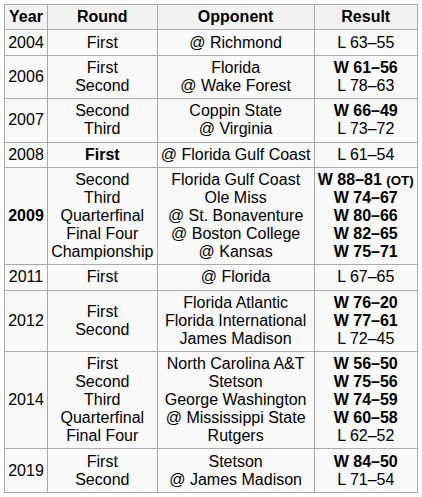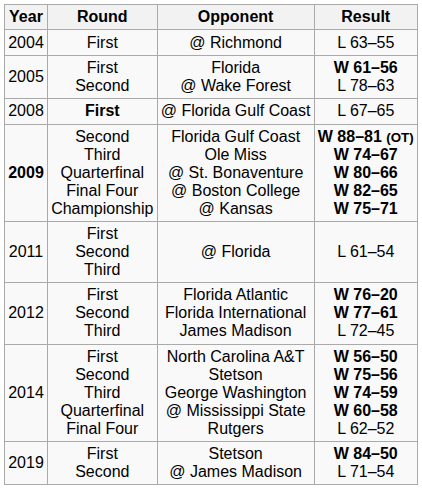 <table class="wikitable sortable" style="text-align:center;">
 <tr>
 <th style="text-align:center;">Year</th>
 <th style="text-align:center;">Round</th>
 <th style="text-align:center;">Opponent</th>
 <th style="text-align:center;">Result</th>
 </tr>
 <tr>
 <td>2004</td>
 <td>First</td>
 <td>@ Richmond</td>
 <td>L 63–55</td>
 </tr>
 <tr>
-<td>2006</td>
+<td>2005</td>
 <td>First<br>Second</td>
 <td>Florida<br>@ Wake Forest</td>
 <td><strong>W 61–56</strong><br>L 78–63</td>
 </tr>
 <tr>
-<td>2007</td>
-<td>Second<br>Third</td>
-<td>Coppin State<br>@ Virginia</td>
-<td><strong>W 66–49</strong><br>L 73–72</td>
-</tr>
-<tr>
 <td>2008</td>
 <td><strong>First</strong></td>
 <td>@ Florida Gulf Coast</td>
-<td>L 61–54</td>
+<td>L 67–65</td>
 </tr>
 <tr>
 <td><strong>2009</strong></td>
 <td>Second<br>Third<br>Quarterfinal<br>Final Four<br>Championship</td>
 <td>Florida Gulf Coast<br>Ole Miss<br>@ St. Bonaventure<br>@ Boston College<br>@ Kansas</td>
 <td><strong>W 88–81 <small>(OT)</small></strong><br><strong>W 74–67</strong><br><strong>W 80–66</strong><br><strong>W 82–65</strong><br><strong>W 75–71</strong></td>
 </tr>
 <tr>
 <td>2011</td>
-<td>First</td>
+<td>First<br>Second<br>Third</td>
 <td>@ Florida</td>
-<td>L 67–65</td>
+<td>L 61–54</td>
 </tr>
 <tr>
 <td>2012</td>
-<td>First<br>Second</td>
+<td>First<br>Second<br>Third</td>
 <td>Florida Atlantic<br>Florida International<br>James Madison</td>
 <td><strong>W 76–20</strong><br><strong>W 77–61</strong><br>L 72–45</td>
 </tr>
 <tr>
 <td>2014</td>
 <td>First<br>Second<br>Third<br>Quarterfinal<br>Final Four</td>
 <td>North Carolina A&T<br>Stetson<br>George Washington<br>@ Mississippi State<br>Rutgers</td>
 <td><strong>W 56–50</strong><br><strong>W 75–56</strong><br><strong>W 74–59</strong><br><strong>W 60–58</strong><br>L 62–52</td>
 </tr>
 <tr>
 <td>2019</td>
 <td>First<br>Second</td>
 <td>Stetson<br>@ James Madison</td>
 <td><strong>W 84–50</strong><br>L 71–54</td>
 </tr>
 </table>
